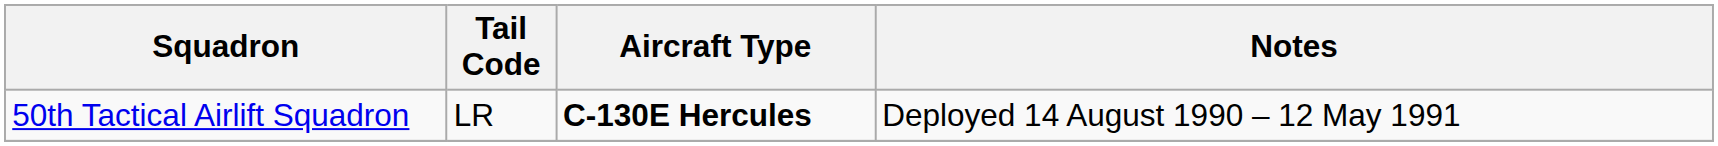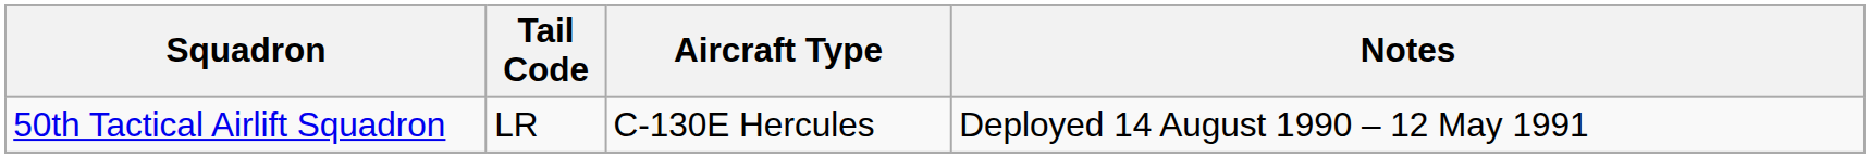 <table class="wikitable">
 <tr>
 <th scope="col" width="250">Squadron</th>
 <th scope="col" width="50">Tail Code</th>
 <th scope="col" width="175">Aircraft Type</th>
 <th scope="col" width="500">Notes</th>
 </tr>
 <tr valign="top">
 <td><a href='#'>50th Tactical Airlift Squadron</a></td>
 <td>LR</td>
-<td><strong>C-130E Hercules</strong></td>
+<td>C-130E Hercules</td>
 <td>Deployed 14 August 1990 – 12 May 1991</td>
 </tr>
 <tr>
 </tr>
 <tr>
 </tr>
 </table>
